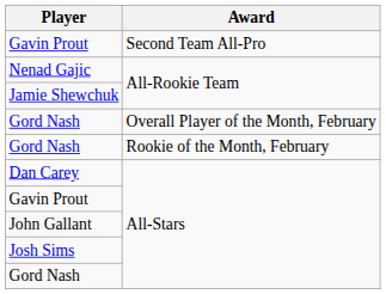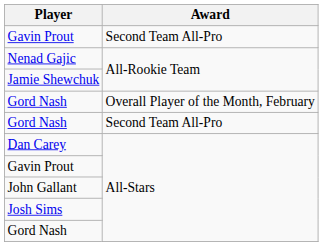 <table class="wikitable">
 <tr>
 <th>Player</th>
 <th>Award</th>
 </tr>
 <tr>
 <td><a href='#'>Gavin Prout</a></td>
 <td>Second Team All-Pro</td>
 </tr>
 <tr>
 <td><a href='#'>Nenad Gajic</a></td>
 <td rowspan=2>All-Rookie Team</td>
 </tr>
 <tr>
 <td><a href='#'>Jamie Shewchuk</a></td>
 </tr>
 <tr>
 <td><a href='#'>Gord Nash</a></td>
 <td>Overall Player of the Month, February</td>
 </tr>
 <tr>
 <td><a href='#'>Gord Nash</a></td>
-<td>Rookie of the Month, February</td>
+<td>Second Team All-Pro</td>
 </tr>
 <tr>
 <td><a href='#'>Dan Carey</a></td>
 <td rowspan=5>All-Stars</td>
 </tr>
 <tr>
 <td>Gavin Prout</td>
 </tr>
 <tr>
 <td>John Gallant</td>
 </tr>
 <tr>
 <td><a href='#'>Josh Sims</a></td>
 </tr>
 <tr>
 <td>Gord Nash</td>
 </tr>
 </table>
